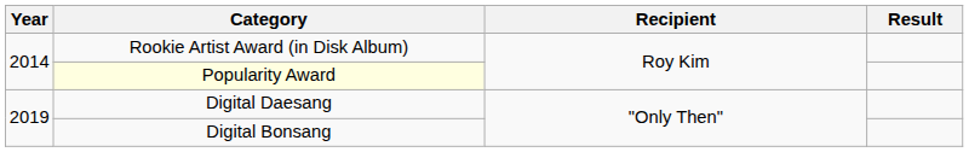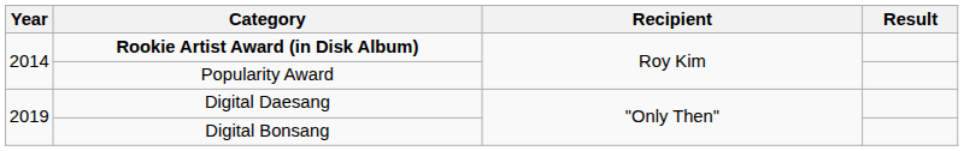 <table class="wikitable" style="text-align:center">
 <tr>
 <th width="5%">Year</th>
 <th width="45%">Category</th>
 <th width="40%">Recipient</th>
 <th width="10%">Result</th>
 </tr>
 <tr>
 <td rowspan="2">2014</td>
-<td>Rookie Artist Award (in Disk Album)</td>
+<td><strong>Rookie Artist Award (in Disk Album)</strong></td>
 <td rowspan="2">Roy Kim</td>
 <td></td>
 </tr>
 <tr>
-<td style="background: lightyellow;">Popularity Award</td>
+<td>Popularity Award</td>
 <td></td>
 </tr>
 <tr>
 <td rowspan="2">2019</td>
 <td>Digital Daesang</td>
 <td rowspan="2">"Only Then"</td>
 <td></td>
 </tr>
 <tr>
 <td>Digital Bonsang</td>
 <td></td>
 </tr>
 </table>
